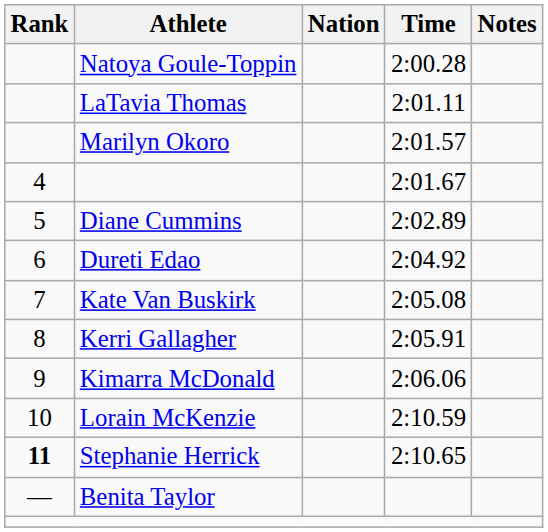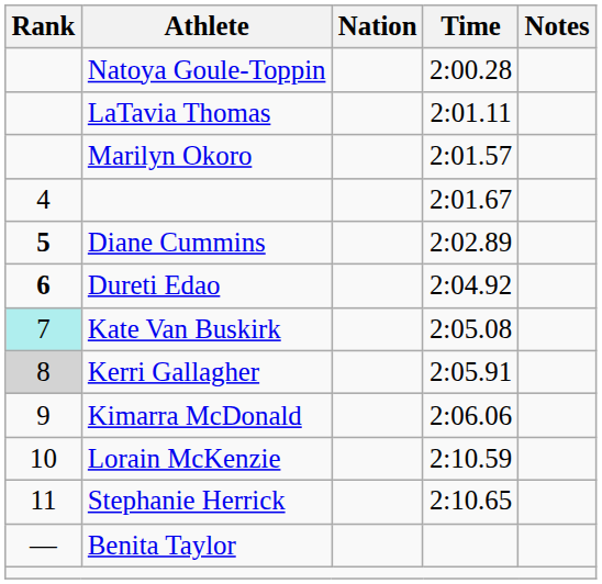 <table class="wikitable mw-datatable sortable" style="text-align:center;">
 <tr>
 <th>Rank</th>
 <th>Athlete</th>
 <th>Nation</th>
 <th>Time</th>
 <th>Notes</th>
 </tr>
 <tr>
 <td></td>
 <td align=left><a href='#'>Natoya Goule-Toppin</a></td>
 <td align=left></td>
 <td>2:00.28</td>
 <td></td>
 </tr>
 <tr>
 <td></td>
 <td align=left><a href='#'>LaTavia Thomas</a></td>
 <td align=left></td>
 <td>2:01.11</td>
 <td></td>
 </tr>
 <tr>
 <td></td>
 <td align=left><a href='#'>Marilyn Okoro</a></td>
 <td align=left></td>
 <td>2:01.57</td>
 <td></td>
 </tr>
 <tr>
 <td>4</td>
 <td align=left><a href='#'></a></td>
 <td align=left></td>
 <td>2:01.67</td>
 <td></td>
 </tr>
 <tr>
-<td>5</td>
+<td><strong>5</strong></td>
 <td align=left><a href='#'>Diane Cummins</a></td>
 <td align=left></td>
 <td>2:02.89</td>
 <td></td>
 </tr>
 <tr>
-<td>6</td>
+<td><strong>6</strong></td>
 <td align=left><a href='#'>Dureti Edao</a></td>
 <td align=left></td>
 <td>2:04.92</td>
 <td></td>
 </tr>
 <tr>
-<td>7</td>
+<td style="background: paleturquoise;">7</td>
 <td align=left><a href='#'>Kate Van Buskirk</a></td>
 <td align=left></td>
 <td>2:05.08</td>
 <td></td>
 </tr>
 <tr>
-<td>8</td>
+<td style="background: lightgrey;">8</td>
 <td align=left><a href='#'>Kerri Gallagher</a></td>
 <td align=left></td>
 <td>2:05.91</td>
 <td></td>
 </tr>
 <tr>
 <td>9</td>
 <td align=left><a href='#'>Kimarra McDonald</a></td>
 <td align=left></td>
 <td>2:06.06</td>
 <td></td>
 </tr>
 <tr>
 <td>10</td>
 <td align=left><a href='#'>Lorain McKenzie</a></td>
 <td align=left></td>
 <td>2:10.59</td>
 <td></td>
 </tr>
 <tr>
-<td><strong>11</strong></td>
+<td>11</td>
 <td align=left><a href='#'>Stephanie Herrick</a></td>
 <td align=left></td>
 <td>2:10.65</td>
 <td></td>
 </tr>
 <tr>
 <td>—</td>
 <td align=left><a href='#'>Benita Taylor</a></td>
 <td align=left></td>
 <td></td>
 <td></td>
 </tr>
 <tr class="sortbottom">
 <td colspan=5></td>
 </tr>
 </table>
